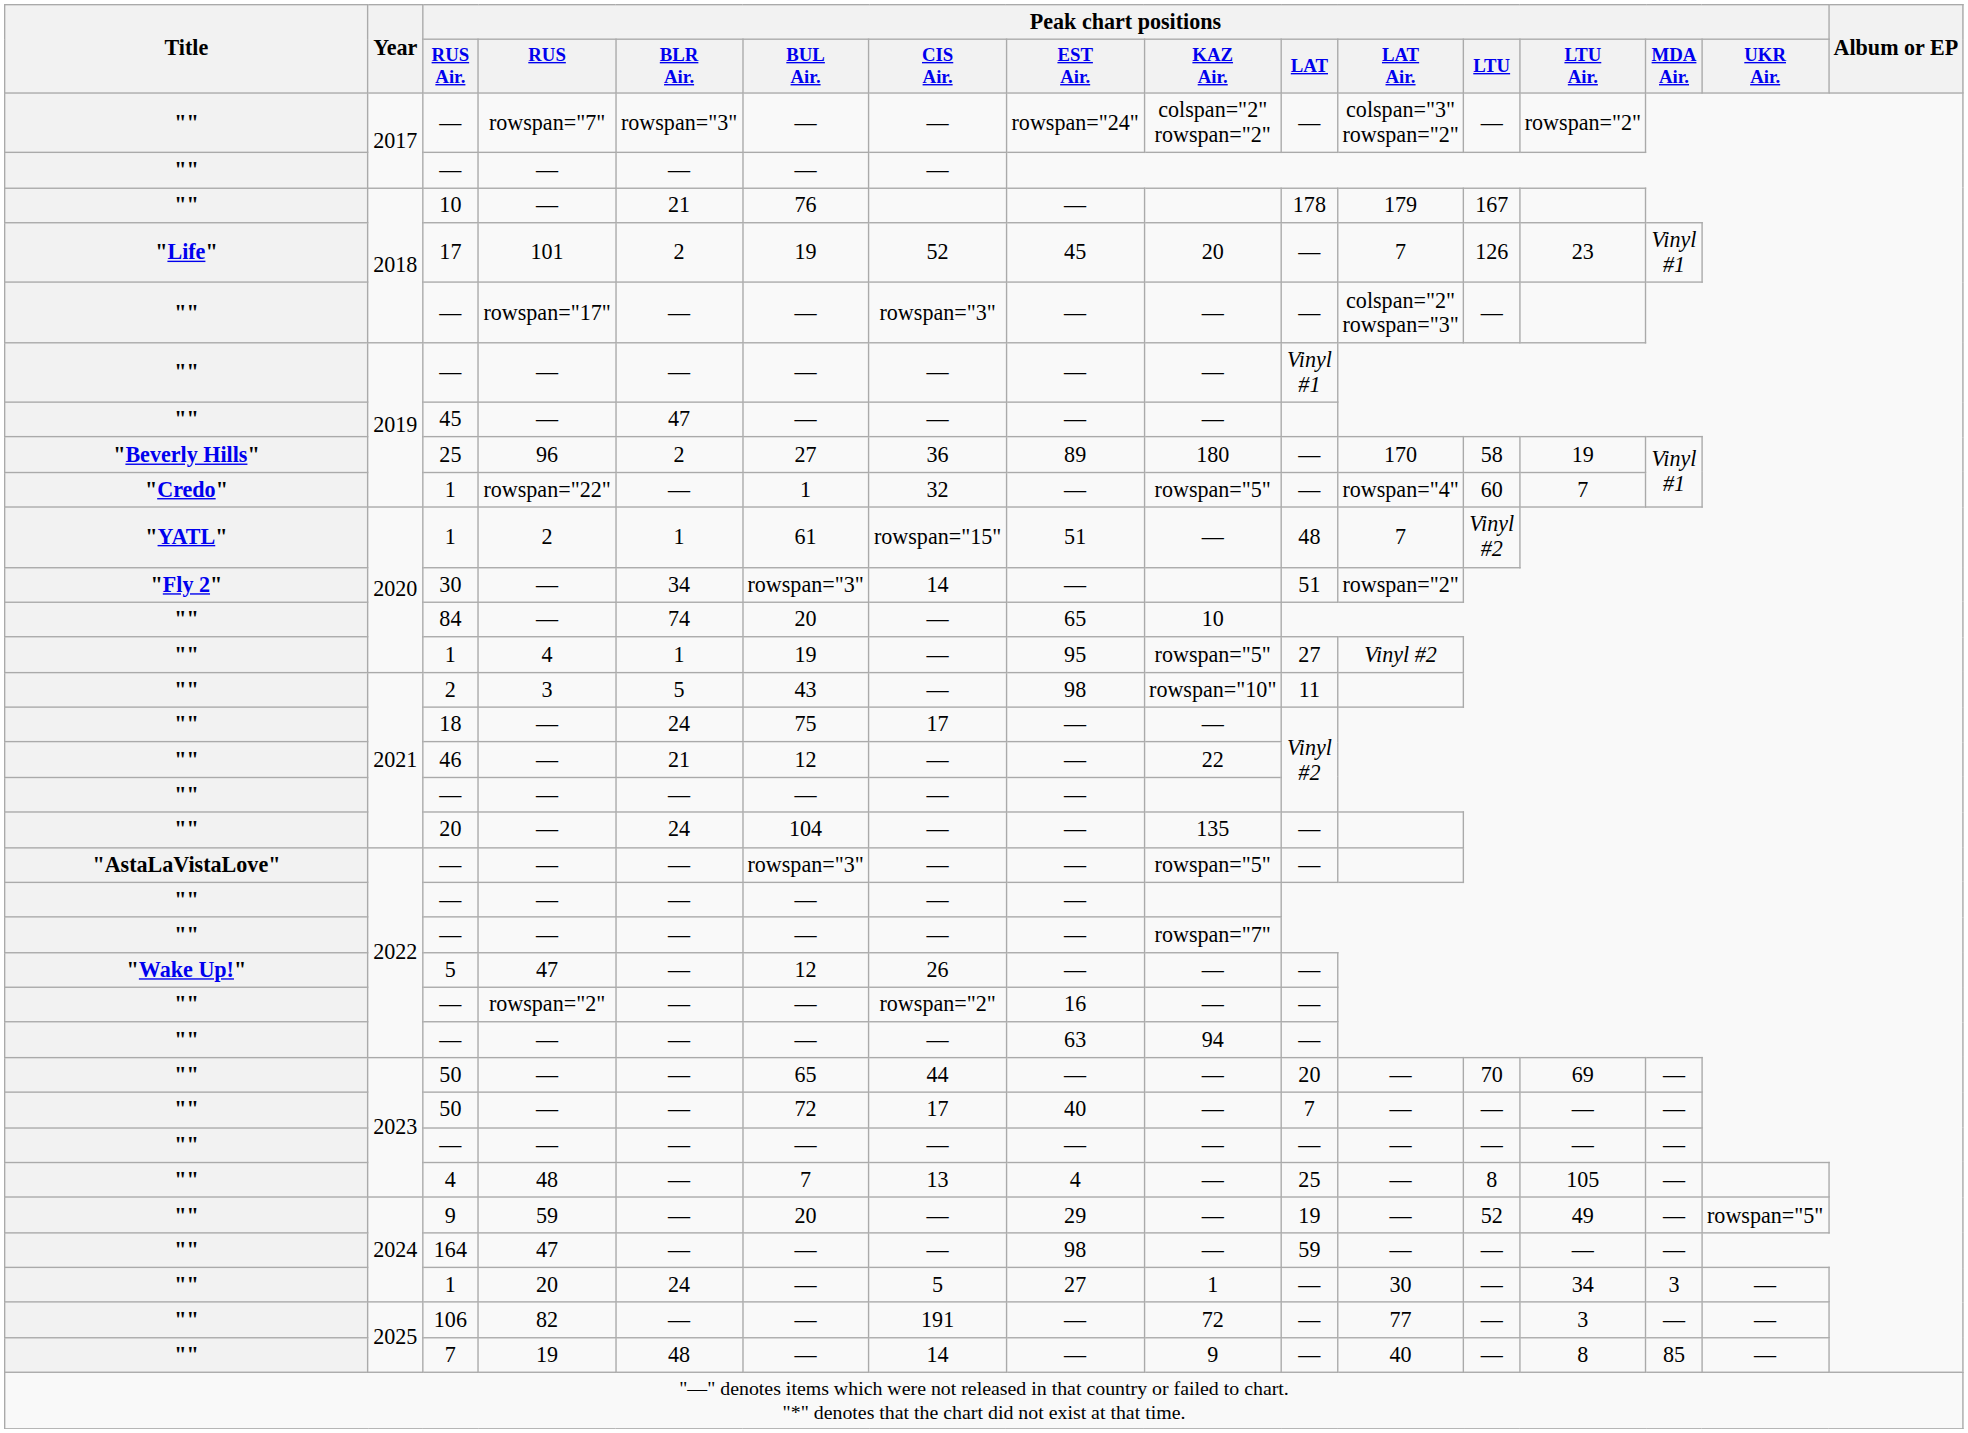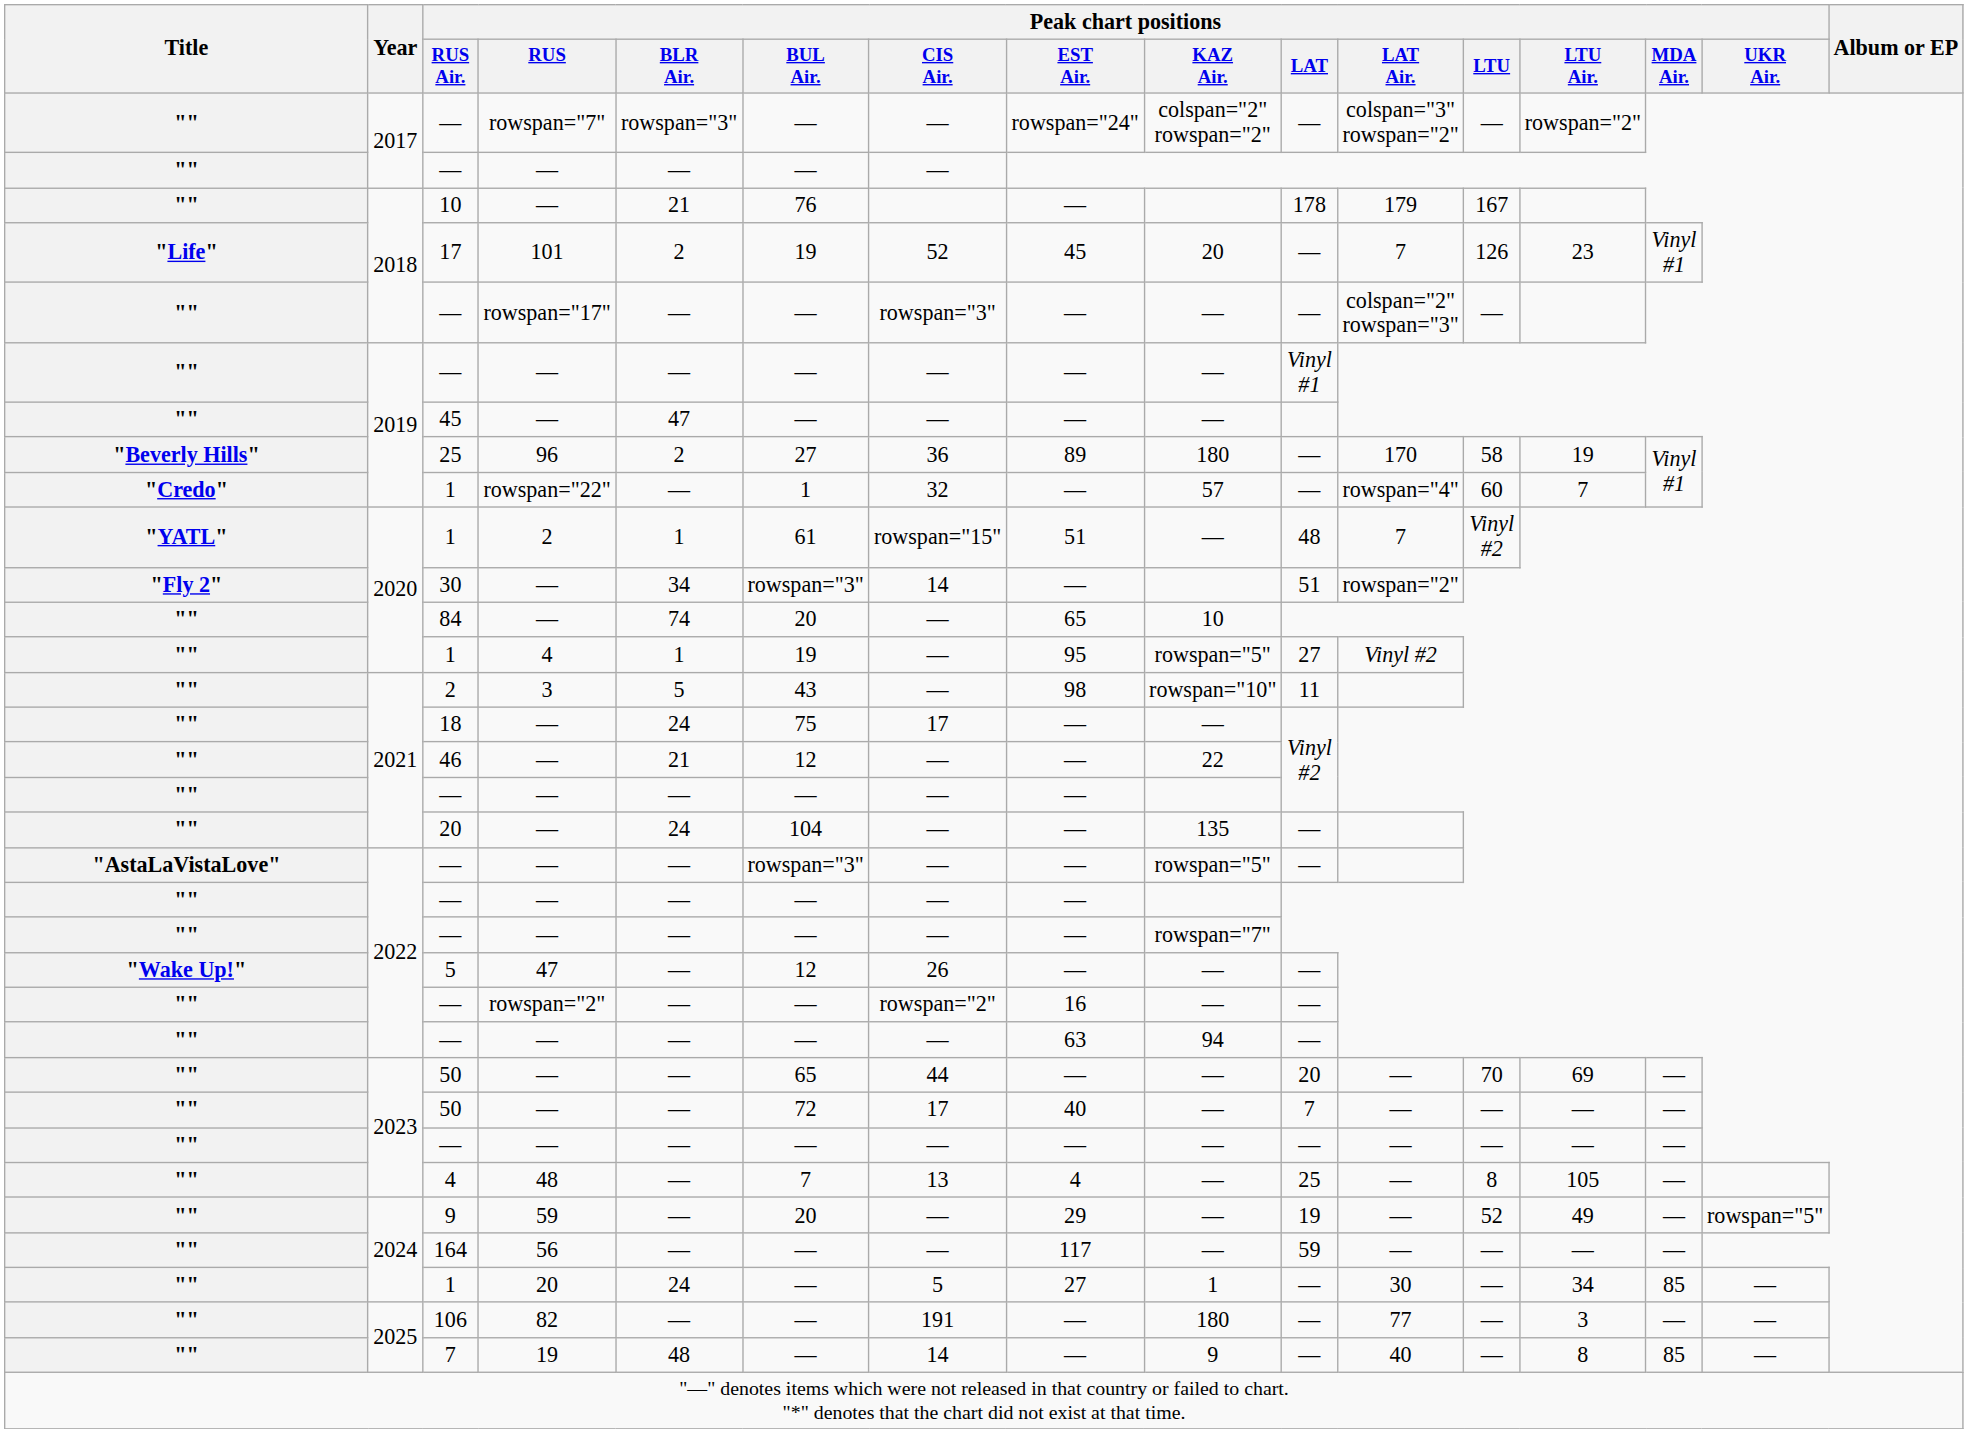 <table class="wikitable plainrowheaders" style="text-align:center;">
 <tr>
 <th rowspan="2" style="width:16em;">Title</th>
 <th rowspan="2" style="width:1em;">Year</th>
 <th colspan="13">Peak chart positions</th>
 <th rowspan="2">Album or EP</th>
 </tr>
 <tr>
 <th scope="col" style="width:2.5em;font-size:85%;"><a href='#'>RUS<br>Air.</a><br></th>
 <th scope="col" style="width:3em; font-size:85%;"><a href='#'>RUS<br></a><br></th>
 <th scope="col" style="width:2.5em;font-size:85%;"><a href='#'>BLR<br>Air.</a><br></th>
 <th scope="col" style="width:2.5em;font-size:85%;"><a href='#'>BUL<br>Air.</a><br></th>
 <th scope="col" style="width:2.5em;font-size:85%;"><a href='#'>CIS<br>Air.</a><br></th>
 <th scope="col" style="width:2.5em;font-size:85%;"><a href='#'>EST<br>Air.</a><br></th>
 <th scope="col" style="width:2.5em;font-size:85%;"><a href='#'>KAZ<br>Air.</a><br></th>
 <th scope="col" style="width:2.5em;font-size:85%;"><a href='#'>LAT</a><br></th>
 <th scope="col" style="width:2.5em;font-size:85%;"><a href='#'>LAT<br>Air.</a><br></th>
 <th scope="col" style="width:2.5em;font-size:85%;"><a href='#'>LTU</a><br></th>
 <th scope="col" style="width:2.5em;font-size:85%;"><a href='#'>LTU<br>Air.</a><br></th>
 <th scope="col" style="width:2.5em;font-size:85%;"><a href='#'>MDA<br>Air.</a><br></th>
 <th scope="col" style="width:2.5em;font-size:85%;"><a href='#'>UKR<br>Air.</a><br></th>
 </tr>
 <tr>
 <th scope="row">""</th>
 <td rowspan="2" align="center">2017</td>
 <td>—</td>
 <td>rowspan="7" </td>
 <td>rowspan="3" </td>
 <td>—</td>
 <td>—</td>
 <td>rowspan="24" </td>
 <td>colspan="2" rowspan="2" </td>
 <td>—</td>
 <td>colspan="3" rowspan="2" </td>
 <td>—</td>
 <td>rowspan="2" </td>
 </tr>
 <tr>
 <th scope="row">""</th>
 <td>—</td>
 <td>—</td>
 <td>—</td>
 <td>—</td>
 <td>—</td>
 </tr>
 <tr>
 <th scope="row">""</th>
 <td rowspan="3">2018</td>
 <td>10</td>
 <td>—</td>
 <td>21</td>
 <td>76</td>
 <td></td>
 <td>—</td>
 <td></td>
 <td>178</td>
 <td>179</td>
 <td>167</td>
 <td></td>
 </tr>
 <tr>
 <th scope="row">"<a href='#'>Life</a>"</th>
 <td>17</td>
 <td>101</td>
 <td>2</td>
 <td>19</td>
 <td>52</td>
 <td>45</td>
 <td>20</td>
 <td>—</td>
 <td>7</td>
 <td>126</td>
 <td>23</td>
 <td><em>Vinyl #1</em></td>
 </tr>
 <tr>
 <th scope="row">""</th>
 <td>—</td>
 <td>rowspan="17" </td>
 <td>—</td>
 <td>—</td>
 <td>rowspan="3" </td>
 <td>—</td>
 <td>—</td>
 <td>—</td>
 <td>colspan="2" rowspan="3" </td>
 <td>—</td>
 <td></td>
 </tr>
 <tr>
 <th scope="row">""</th>
 <td rowspan="4">2019</td>
 <td>—</td>
 <td>—</td>
 <td>—</td>
 <td>—</td>
 <td>—</td>
 <td>—</td>
 <td>—</td>
 <td><em>Vinyl #1</em></td>
 </tr>
 <tr>
 <th scope="row">""<br></th>
 <td>45</td>
 <td>—</td>
 <td>47</td>
 <td>—</td>
 <td>—</td>
 <td>—</td>
 <td>—</td>
 <td></td>
 </tr>
 <tr>
 <th scope="row">"<a href='#'>Beverly Hills</a>"</th>
 <td>25</td>
 <td>96</td>
 <td>2</td>
 <td>27</td>
 <td>36</td>
 <td>89</td>
 <td>180</td>
 <td>—</td>
 <td>170</td>
 <td>58</td>
 <td>19</td>
 <td rowspan="2"><em>Vinyl #1</em></td>
 </tr>
 <tr>
 <th scope="row">"<a href='#'>Credo</a>"</th>
 <td>1</td>
 <td>rowspan="22" </td>
 <td>—</td>
 <td>1</td>
 <td>32</td>
 <td>—</td>
-<td>rowspan="5" </td>
+<td>57</td>
 <td>—</td>
 <td>rowspan="4" </td>
 <td>60</td>
 <td>7</td>
 </tr>
 <tr>
 <th scope="row">"<a href='#'>YATL</a>"</th>
 <td rowspan="4">2020</td>
 <td>1</td>
 <td>2</td>
 <td>1</td>
 <td>61</td>
 <td>rowspan="15" </td>
 <td>51</td>
 <td>—</td>
 <td>48</td>
 <td>7</td>
 <td><em>Vinyl #2</em></td>
 </tr>
 <tr>
 <th scope="row">"<a href='#'>Fly 2</a>"<br></th>
 <td>30</td>
 <td>—</td>
 <td>34</td>
 <td>rowspan="3" </td>
 <td>14</td>
 <td>—</td>
 <td></td>
 <td>51</td>
 <td>rowspan="2" </td>
 </tr>
 <tr>
 <th scope="row">""<br></th>
 <td>84</td>
 <td>—</td>
 <td>74</td>
 <td>20</td>
 <td>—</td>
 <td>65</td>
 <td>10</td>
 </tr>
 <tr>
 <th scope="row">""</th>
 <td>1</td>
 <td>4</td>
 <td>1</td>
 <td>19</td>
 <td>—</td>
 <td>95</td>
 <td>rowspan="5" </td>
 <td>27</td>
 <td><em>Vinyl #2</em></td>
 </tr>
 <tr>
 <th scope="row">""<br></th>
 <td rowspan="5">2021</td>
 <td>2</td>
 <td>3</td>
 <td>5</td>
 <td>43</td>
 <td>—</td>
 <td>98</td>
 <td>rowspan="10" </td>
 <td>11</td>
 <td></td>
 </tr>
 <tr>
 <th scope="row">""</th>
 <td>18</td>
 <td>—</td>
 <td>24</td>
 <td>75</td>
 <td>17</td>
 <td>—</td>
 <td>—</td>
 <td rowspan="3"><em>Vinyl #2</em></td>
 </tr>
 <tr>
 <th scope="row">""</th>
 <td>46</td>
 <td>—</td>
 <td>21</td>
 <td>12</td>
 <td>—</td>
 <td>—</td>
 <td>22</td>
 </tr>
 <tr>
 <th scope="row">""</th>
 <td>—</td>
 <td>—</td>
 <td>—</td>
 <td>—</td>
 <td>—</td>
 <td>—</td>
 </tr>
 <tr>
 <th scope="row">""<br></th>
 <td>20</td>
 <td>—</td>
 <td>24</td>
 <td>104</td>
 <td>—</td>
 <td>—</td>
 <td>135</td>
 <td>—</td>
 <td></td>
 </tr>
 <tr>
 <th scope="row">"AstaLaVistaLove"</th>
 <td rowspan="6">2022</td>
 <td>—</td>
 <td>—</td>
 <td>—</td>
 <td>rowspan="3" </td>
 <td>—</td>
 <td>—</td>
 <td>rowspan="5" </td>
 <td>—</td>
 <td></td>
 </tr>
 <tr>
 <th scope="row">""<br></th>
 <td>—</td>
 <td>—</td>
 <td>—</td>
 <td>—</td>
 <td>—</td>
 <td>—</td>
 <td><em></em></td>
 </tr>
 <tr>
 <th scope="row">""<br></th>
 <td>—</td>
 <td>—</td>
 <td>—</td>
 <td>—</td>
 <td>—</td>
 <td>—</td>
 <td>rowspan="7" </td>
 </tr>
 <tr>
 <th scope="row">"<a href='#'>Wake Up!</a>"</th>
 <td>5</td>
 <td>47</td>
 <td>—</td>
 <td>12</td>
 <td>26</td>
 <td>—</td>
 <td>—</td>
 <td>—</td>
 </tr>
 <tr>
 <th scope="row">""</th>
 <td>—</td>
 <td>rowspan="2" </td>
 <td>—</td>
 <td>—</td>
 <td>rowspan="2" </td>
 <td>16</td>
 <td>—</td>
 <td>—</td>
 </tr>
 <tr>
 <th scope="row">""</th>
 <td>—</td>
 <td>—</td>
 <td>—</td>
 <td>—</td>
 <td>—</td>
 <td>63</td>
 <td>94</td>
 <td>—</td>
 </tr>
 <tr>
 <th scope="row">""<br></th>
 <td rowspan="4">2023</td>
 <td>50</td>
 <td>—</td>
 <td>—</td>
 <td>65</td>
 <td>44</td>
 <td>—</td>
 <td>—</td>
 <td>20</td>
 <td>—</td>
 <td>70</td>
 <td>69</td>
 <td>—</td>
 </tr>
 <tr>
 <th scope="row">""<br></th>
 <td>50</td>
 <td>—</td>
 <td>—</td>
 <td>72</td>
 <td>17</td>
 <td>40</td>
 <td>—</td>
 <td>7</td>
 <td>—</td>
 <td>—</td>
 <td>—</td>
 <td>—</td>
 </tr>
 <tr>
 <th scope="row">""<br></th>
 <td>—</td>
 <td>—</td>
 <td>—</td>
 <td>—</td>
 <td>—</td>
 <td>—</td>
 <td>—</td>
 <td>—</td>
 <td>—</td>
 <td>—</td>
 <td>—</td>
 <td>—</td>
 </tr>
 <tr>
 <th scope="row">""</th>
 <td>4</td>
 <td>48</td>
 <td>—</td>
 <td>7</td>
 <td>13</td>
 <td>4</td>
 <td>—</td>
 <td>25</td>
 <td>—</td>
 <td>8</td>
 <td>105</td>
 <td>—</td>
 <td></td>
 </tr>
 <tr>
 <th scope="row">""</th>
 <td rowspan="3">2024</td>
 <td>9</td>
 <td>59</td>
 <td>—</td>
 <td>20</td>
 <td>—</td>
 <td>29</td>
 <td>—</td>
 <td>19</td>
 <td>—</td>
 <td>52</td>
 <td>49</td>
 <td>—</td>
 <td>rowspan="5" </td>
 </tr>
 <tr>
 <th scope="row">""<br></th>
 <td>164</td>
-<td>47</td>
+<td>56</td>
 <td>—</td>
 <td>—</td>
 <td>—</td>
-<td>98</td>
+<td>117</td>
 <td>—</td>
 <td>59</td>
 <td>—</td>
 <td>—</td>
 <td>—</td>
 <td>—</td>
 </tr>
 <tr>
 <th scope="row">""</th>
 <td>1</td>
 <td>20</td>
 <td>24</td>
 <td>—</td>
 <td>5</td>
 <td>27</td>
 <td>1</td>
 <td>—</td>
 <td>30</td>
 <td>—</td>
 <td>34</td>
-<td>3</td>
+<td>85</td>
 <td>—</td>
 </tr>
 <tr>
 <th scope="row">""</th>
 <td rowspan="2">2025</td>
 <td>106</td>
 <td>82</td>
 <td>—</td>
 <td>—</td>
 <td>191</td>
 <td>—</td>
-<td>72</td>
+<td>180</td>
 <td>—</td>
 <td>77</td>
 <td>—</td>
 <td>3</td>
 <td>—</td>
 <td>—</td>
 </tr>
 <tr>
 <th scope="row">""</th>
 <td>7</td>
 <td>19</td>
 <td>48</td>
 <td>—</td>
 <td>14</td>
 <td>—</td>
 <td>9</td>
 <td>—</td>
 <td>40</td>
 <td>—</td>
 <td>8</td>
 <td>85</td>
 <td>—</td>
 </tr>
 <tr>
 <td colspan="16" style="font-size:90%;">"—" denotes items which were not released in that country or failed to chart.<br>"*" denotes that the chart did not exist at that time.</td>
 </tr>
 </table>
